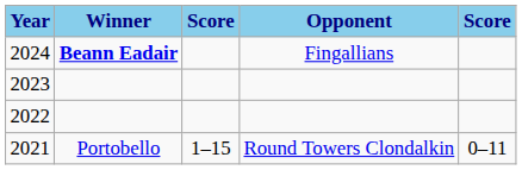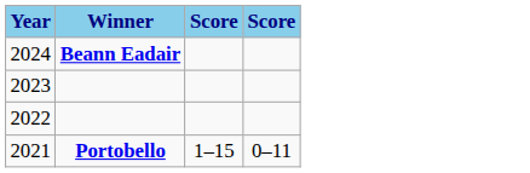 <table class="wikitable" style="text-align:center;">
 <tr>
 <th style="background:skyblue;color:navy;">Year</th>
 <th style="background:skyblue;color:navy;">Winner</th>
 <th style="background:skyblue;color:navy;">Score</th>
-<th style="background:skyblue;color:navy;">Opponent</th>
 <th style="background:skyblue;color:navy;">Score</th>
 </tr>
 <tr>
 <td>2024</td>
 <td><strong><a href='#'>Beann Eadair</a></strong></td>
 <td></td>
-<td><a href='#'>Fingallians</a></td>
 <td></td>
 </tr>
 <tr>
 <td>2023</td>
-<td></td>
 <td></td>
 <td></td>
 <td></td>
 </tr>
 <tr>
 <td>2022</td>
 <td></td>
 <td></td>
 <td></td>
-<td></td>
 </tr>
 <tr>
 <td>2021</td>
-<td><a href='#'>Portobello</a></td>
+<td><strong><a href='#'>Portobello</a></strong></td>
 <td>1–15</td>
-<td><a href='#'>Round Towers Clondalkin</a></td>
 <td>0–11</td>
 </tr>
 </table>
